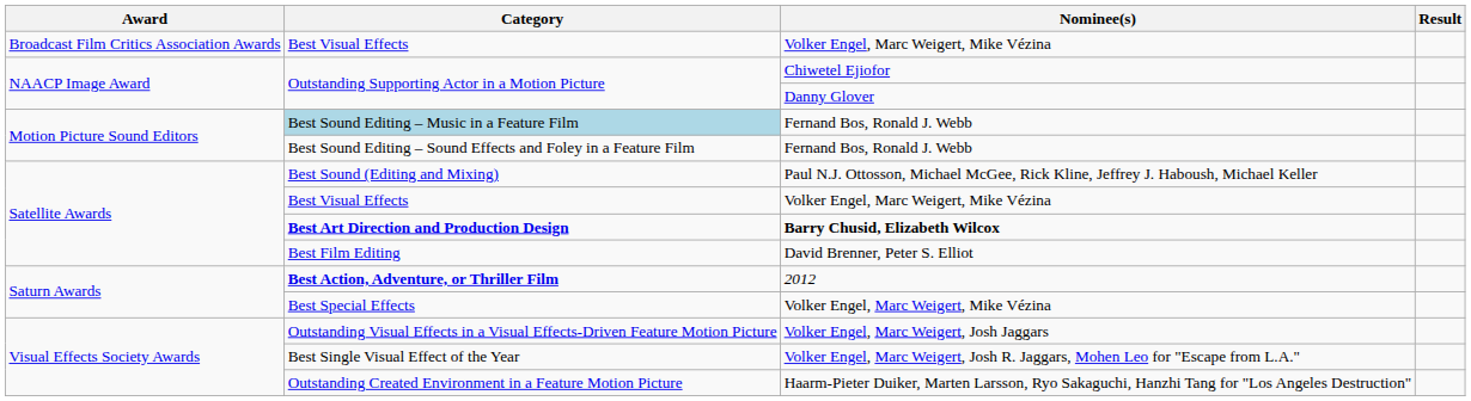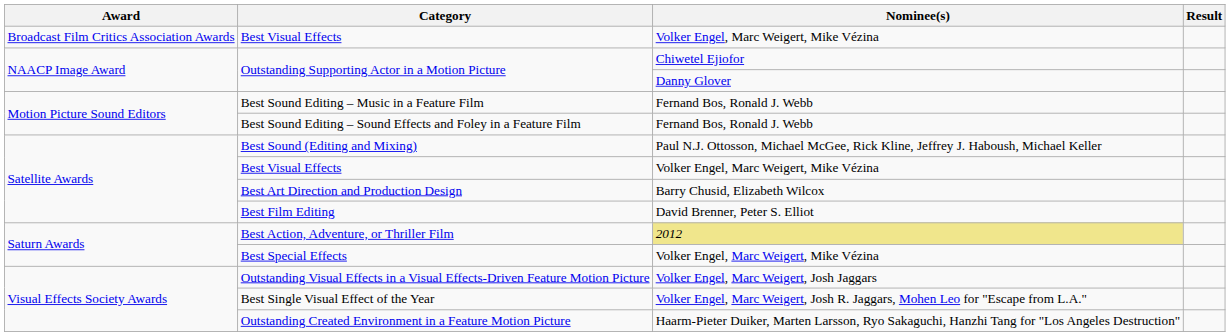 <table class="wikitable sortable plainrowheaders" style="font-size: 95%;">
 <tr>
 <th>Award</th>
 <th>Category</th>
 <th>Nominee(s)</th>
 <th>Result</th>
 </tr>
 <tr>
 <td><a href='#'>Broadcast Film Critics Association Awards</a></td>
 <td><a href='#'>Best Visual Effects</a></td>
 <td><a href='#'>Volker Engel</a>, Marc Weigert, Mike Vézina</td>
 <td></td>
 </tr>
 <tr>
 <td rowspan=2><a href='#'>NAACP Image Award</a></td>
 <td rowspan=2><a href='#'>Outstanding Supporting Actor in a Motion Picture</a></td>
 <td><a href='#'>Chiwetel Ejiofor</a></td>
 <td></td>
 </tr>
 <tr>
 <td><a href='#'>Danny Glover</a></td>
 <td></td>
 </tr>
 <tr>
 <td rowspan=2><a href='#'>Motion Picture Sound Editors</a></td>
-<td style="background: lightblue;">Best Sound Editing – Music in a Feature Film</td>
+<td>Best Sound Editing – Music in a Feature Film</td>
 <td>Fernand Bos, Ronald J. Webb</td>
 <td></td>
 </tr>
 <tr>
 <td>Best Sound Editing – Sound Effects and Foley in a Feature Film</td>
 <td>Fernand Bos, Ronald J. Webb</td>
 <td></td>
 </tr>
 <tr>
 <td rowspan=4><a href='#'>Satellite Awards</a></td>
 <td><a href='#'>Best Sound (Editing and Mixing)</a></td>
 <td>Paul N.J. Ottosson, Michael McGee, Rick Kline, Jeffrey J. Haboush, Michael Keller</td>
 <td></td>
 </tr>
 <tr>
 <td><a href='#'>Best Visual Effects</a></td>
 <td>Volker Engel, Marc Weigert, Mike Vézina</td>
 <td></td>
 </tr>
 <tr>
-<td><strong><a href='#'>Best Art Direction and Production Design</a></strong></td>
-<td><strong>Barry Chusid, Elizabeth Wilcox</strong></td>
+<td><a href='#'>Best Art Direction and Production Design</a></td>
+<td>Barry Chusid, Elizabeth Wilcox</td>
 <td></td>
 </tr>
 <tr>
 <td><a href='#'>Best Film Editing</a></td>
 <td>David Brenner, Peter S. Elliot</td>
 <td></td>
 </tr>
 <tr>
 <td rowspan=2><a href='#'>Saturn Awards</a></td>
-<td><strong><a href='#'>Best Action, Adventure, or Thriller Film</a></strong></td>
-<td><em>2012</em></td>
+<td><a href='#'>Best Action, Adventure, or Thriller Film</a></td>
+<td style="background: khaki;"><em>2012</em></td>
 <td></td>
 </tr>
 <tr>
 <td><a href='#'>Best Special Effects</a></td>
 <td>Volker Engel, <a href='#'>Marc Weigert</a>, Mike Vézina</td>
 <td></td>
 </tr>
 <tr>
 <td rowspan=3><a href='#'>Visual Effects Society Awards</a></td>
 <td><a href='#'>Outstanding Visual Effects in a Visual Effects-Driven Feature Motion Picture</a></td>
 <td><a href='#'>Volker Engel</a>, <a href='#'>Marc Weigert</a>, Josh Jaggars</td>
 <td></td>
 </tr>
 <tr>
 <td>Best Single Visual Effect of the Year</td>
 <td><a href='#'>Volker Engel</a>, <a href='#'>Marc Weigert</a>, Josh R. Jaggars, <a href='#'>Mohen Leo</a> for "Escape from L.A."</td>
 <td></td>
 </tr>
 <tr>
 <td><a href='#'>Outstanding Created Environment in a Feature Motion Picture</a></td>
 <td>Haarm-Pieter Duiker, Marten Larsson, Ryo Sakaguchi, Hanzhi Tang for "Los Angeles Destruction"</td>
 <td></td>
 </tr>
 </table>
